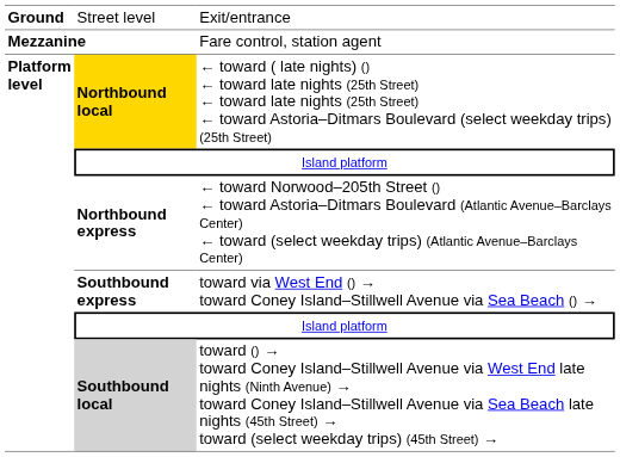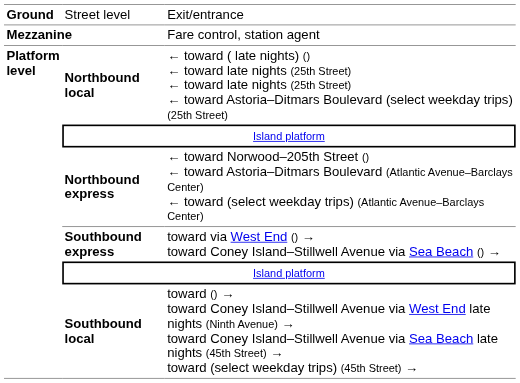 <table table border=0 cellspacing=0 cellpadding=3>
 <tr>
 <td style="border-top:solid 1px gray;" width=50><strong>Ground</strong></td>
 <td style="border-top:solid 1px gray;" width=125>Street level</td>
 <td style="border-top:solid 1px gray;" width=500>Exit/entrance</td>
 </tr>
 <tr>
 <td style="border-top:solid 1px gray;" colspan=2><strong>Mezzanine</strong></td>
 <td style="border-top:solid 1px gray;">Fare control, station agent</td>
 </tr>
 <tr>
 <td style="border-bottom:solid 1px gray;border-top:solid 1px gray;" rowspan=6 valign=top><strong>Platform<br>level</strong></td>
-<td style="background: gold; border-top:solid 1px gray;"><span><strong>Northbound local</strong></span></td>
+<td style="border-top:solid 1px gray;"><span><strong>Northbound local</strong></span></td>
 <td style="border-top:solid 1px gray;">←  toward  ( late nights) <small>()</small><br>←  toward  late nights <small>(25th Street)</small><br>←  toward  late nights <small>(25th Street)</small><br>←  toward Astoria–Ditmars Boulevard (select weekday trips) <small>(25th Street)</small></td>
 </tr>
 <tr>
 <td style="border-top:solid 2px black;border-right:solid 2px black;border-left:solid 2px black;border-bottom:solid 2px black;text-align:center;" colspan=2><small><a href='#'>Island platform</a></small></td>
 </tr>
 <tr>
 <td style="border-bottom:solid 1px gray;"><span><strong>Northbound express</strong></span></td>
 <td style="border-bottom:solid 1px gray;">←  toward Norwood–205th Street <small>()</small><br>←  toward Astoria–Ditmars Boulevard <small>(Atlantic Avenue–Barclays Center)</small><br>←  toward  (select weekday trips) <small>(Atlantic Avenue–Barclays Center)</small></td>
 </tr>
 <tr>
 <td><span><strong>Southbound express</strong></span></td>
 <td>  toward  via <a href='#'>West End</a> <small>()</small> →<br>  toward Coney Island–Stillwell Avenue via <a href='#'>Sea Beach</a> <small>()</small> →</td>
 </tr>
 <tr>
 <td style="border-top:solid 2px black;border-right:solid 2px black;border-left:solid 2px black;border-bottom:solid 2px black;text-align:center;" colspan=2><small><a href='#'>Island platform</a></small></td>
 </tr>
 <tr>
-<td style="background: lightgrey; border-bottom:solid 1px gray;"><span><strong>Southbound local</strong></span></td>
+<td style="border-bottom:solid 1px gray;"><span><strong>Southbound local</strong></span></td>
 <td style="border-bottom:solid 1px gray;">  toward  <small>()</small> →<br>  toward Coney Island–Stillwell Avenue via <a href='#'>West End</a> late nights <small>(Ninth Avenue)</small> →<br>  toward Coney Island–Stillwell Avenue via <a href='#'>Sea Beach</a> late nights <small>(45th Street)</small> →<br>  toward  (select weekday trips) <small>(45th Street)</small> →</td>
 </tr>
 </table>
